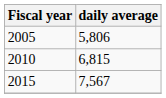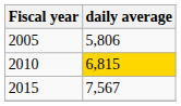 <table class="wikitable">
 <tr>
 <th>Fiscal year</th>
 <th>daily average</th>
 </tr>
 <tr>
 <td>2005</td>
 <td>5,806</td>
 </tr>
 <tr>
 <td>2010</td>
-<td>6,815</td>
+<td style="background: gold;">6,815</td>
 </tr>
 <tr>
 <td>2015</td>
 <td>7,567</td>
 </tr>
 <tr>
 </tr>
 </table>
